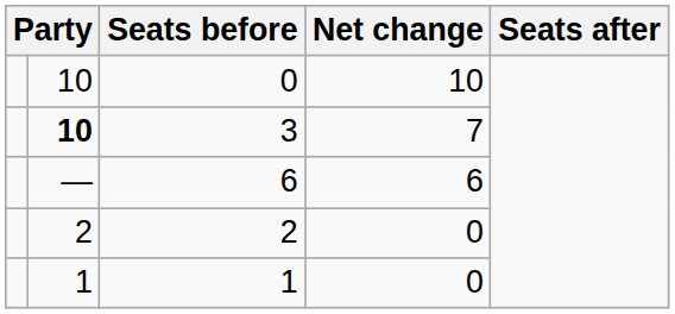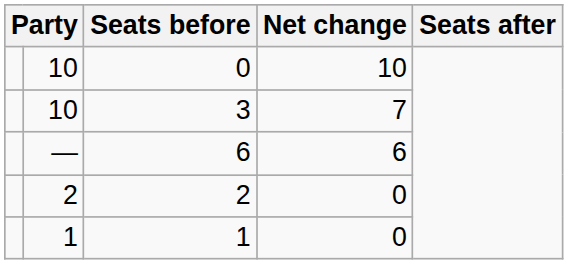 <table class=wikitable style="text-align:right">
 <tr>
 <th colspan="2">Party</th>
 <th>Seats before</th>
 <th>Net change</th>
 <th>Seats after</th>
 </tr>
 <tr>
 <td></td>
 <td>10</td>
 <td> 0</td>
 <td>10</td>
 </tr>
 <tr>
 <td></td>
-<td><strong>10</strong></td>
+<td>10</td>
 <td> 3</td>
 <td>7</td>
 </tr>
 <tr>
 <td></td>
 <td>—</td>
 <td> 6</td>
 <td>6</td>
 </tr>
 <tr>
 <td></td>
 <td>2</td>
 <td> 2</td>
 <td>0</td>
 </tr>
 <tr>
 <td></td>
 <td>1</td>
 <td> 1</td>
 <td>0</td>
 </tr>
 </table>
